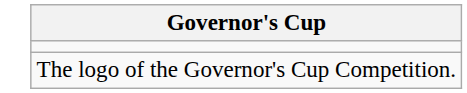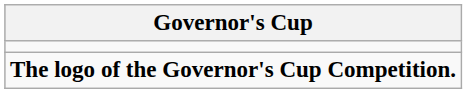 <table align="right" class="wikitable">
 <tr>
 <th bgcolor=gray>Governor's Cup</th>
 </tr>
 <tr>
 <td align="center"></td>
 </tr>
 <tr>
-<td align="center">The logo of the Governor's Cup Competition.</td>
+<td align="center"><strong>The logo of the Governor's Cup Competition.</strong></td>
 </tr>
 </table>
